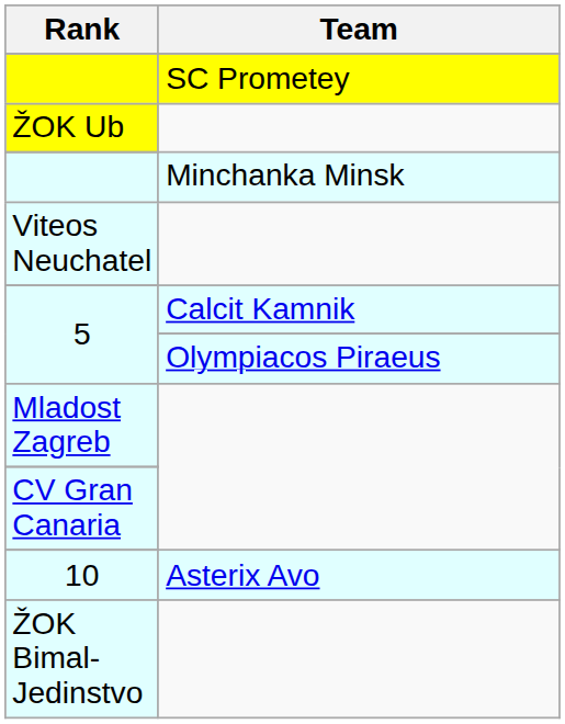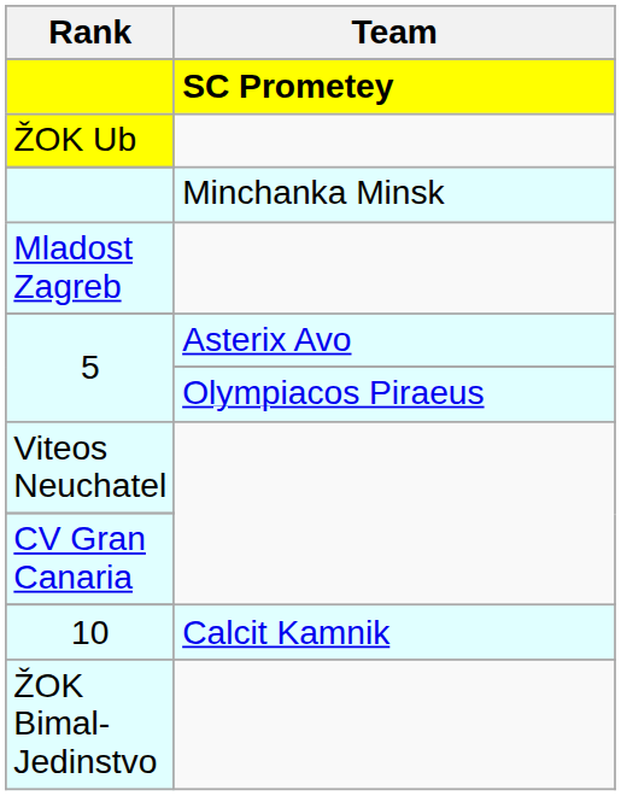 <table class="wikitable" style="text-align:center;">
 <tr>
 <th width=40>Rank</th>
 <th width=200>Team</th>
 </tr>
 <tr align=center>
 </tr>
 <tr bgcolor=#ffff00>
 <td rowspan=2></td>
-<td style="text-align:left;"> SC Prometey</td>
+<td style="text-align:left;"><strong> SC Prometey</strong></td>
 </tr>
 <tr align=center>
 </tr>
 <tr bgcolor=#ffff00>
 <td style="text-align:left;"> ŽOK Ub</td>
 </tr>
 <tr align=center>
 </tr>
 <tr bgcolor=#e0ffff>
 <td rowspan=2></td>
 <td style="text-align:left;"> Minchanka Minsk</td>
 </tr>
 <tr align=center>
 </tr>
 <tr bgcolor=#e0ffff>
-<td style="text-align:left;"> Viteos Neuchatel</td>
+<td style="text-align:left;"> <a href='#'>Mladost Zagreb</a></td>
 </tr>
 <tr align=center>
 </tr>
 <tr bgcolor=#e0ffff>
 <td rowspan=4>5</td>
-<td style="text-align:left;"> <a href='#'>Calcit Kamnik</a></td>
+<td style="text-align:left;"> <a href='#'> Asterix Avo</a></td>
 </tr>
 <tr align=center>
 </tr>
 <tr bgcolor=#e0ffff>
 <td style="text-align:left;"> <a href='#'>Olympiacos Piraeus</a></td>
 </tr>
 <tr align=center>
 </tr>
 <tr bgcolor=#e0ffff>
-<td style="text-align:left;"> <a href='#'>Mladost Zagreb</a></td>
+<td style="text-align:left;"> Viteos Neuchatel</td>
 </tr>
 <tr align=center>
 </tr>
 <tr bgcolor=#e0ffff>
 <td style="text-align:left;"> <a href='#'>CV Gran Canaria</a></td>
 </tr>
 <tr align=center>
 </tr>
 <tr bgcolor=#e0ffff>
 <td rowspan=2>10</td>
-<td style="text-align:left;"> <a href='#'> Asterix Avo</a></td>
+<td style="text-align:left;"> <a href='#'>Calcit Kamnik</a></td>
 </tr>
 <tr align=center>
 </tr>
 <tr bgcolor=	#e0ffff>
 <td style="text-align:left;"> ŽOK Bimal-Jedinstvo</td>
 </tr>
 </table>
